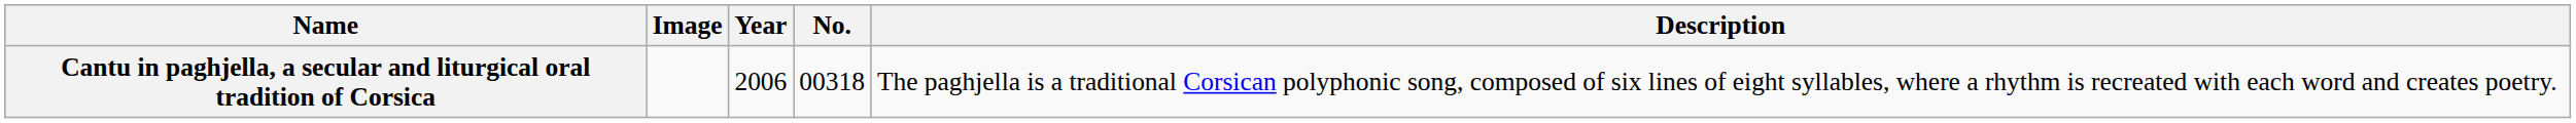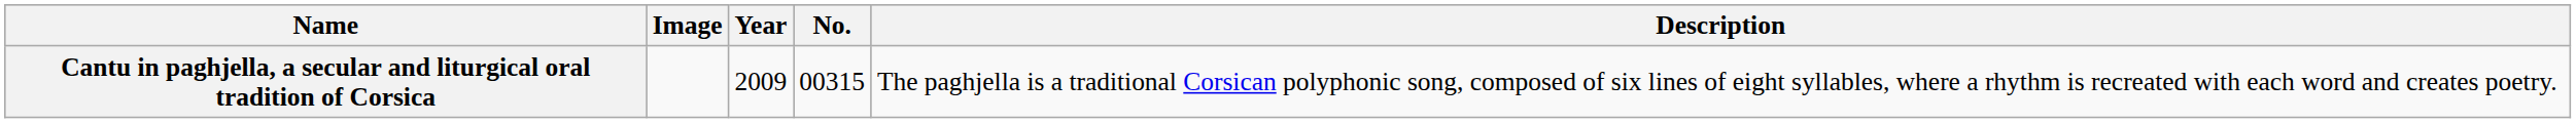 <table class="wikitable sortable plainrowheaders">
 <tr>
 <th style="width:25%">Name</th>
 <th class="unsortable">Image</th>
 <th>Year</th>
 <th>No.</th>
 <th class="unsortable">Description</th>
 </tr>
 <tr>
 <th scope="row">Cantu in paghjella, a secular and liturgical oral tradition of Corsica</th>
 <td></td>
-<td>2006</td>
-<td>00318</td>
+<td>2009</td>
+<td>00315</td>
 <td>The paghjella is a traditional <a href='#'>Corsican</a> polyphonic song, composed of six lines of eight syllables, where a rhythm is recreated with each word and creates poetry.</td>
 </tr>
 </table>
